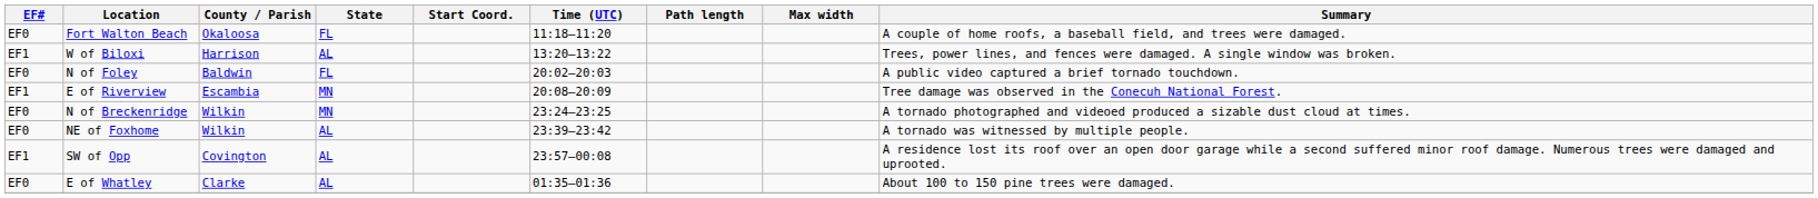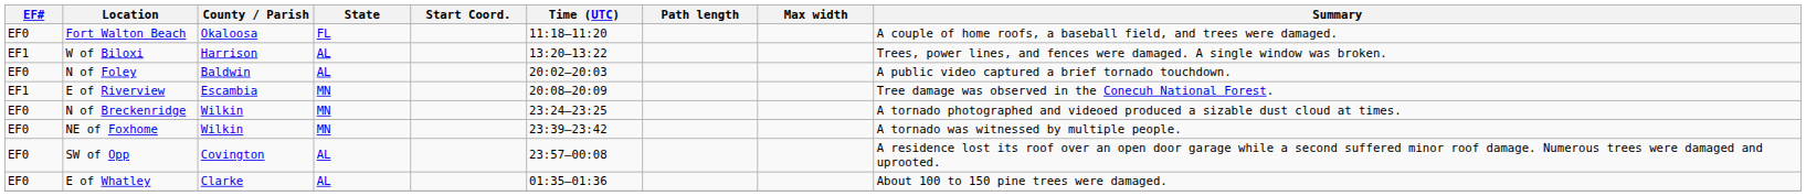 <table class="wikitable sortable" style="width:100%;">
 <tr>
 <th scope="col"  style="width:3%; text-align:center;"><a href='#'>EF#</a></th>
 <th scope="col"  style="width:7%; text-align:center;" class="unsortable">Location</th>
 <th scope="col"  style="width:6%; text-align:center;" class="unsortable">County / Parish</th>
 <th scope="col"  style="width:5%; text-align:center;">State</th>
 <th scope="col"  style="width:6%; text-align:center;">Start Coord.</th>
 <th scope="col"  style="width:6%; text-align:center;">Time (<a href='#'>UTC</a>)</th>
 <th scope="col"  style="width:6%; text-align:center;">Path length</th>
 <th scope="col"  style="width:6%; text-align:center;">Max width</th>
 <th scope="col" class="unsortable" style="width:48%; text-align:center;">Summary</th>
 </tr>
 <tr>
 <td>EF0</td>
 <td><a href='#'>Fort Walton Beach</a></td>
 <td><a href='#'>Okaloosa</a></td>
 <td><a href='#'>FL</a></td>
 <td></td>
 <td>11:18–11:20</td>
 <td></td>
 <td></td>
 <td>A couple of home roofs, a baseball field, and trees were damaged.</td>
 </tr>
 <tr>
 <td>EF1</td>
 <td>W of <a href='#'>Biloxi</a></td>
 <td><a href='#'>Harrison</a></td>
 <td><a href='#'>AL</a></td>
 <td></td>
 <td>13:20–13:22</td>
 <td></td>
 <td></td>
 <td>Trees, power lines, and fences were damaged. A single window was broken.</td>
 </tr>
 <tr>
 <td>EF0</td>
 <td>N of <a href='#'>Foley</a></td>
 <td><a href='#'>Baldwin</a></td>
-<td><a href='#'>FL</a></td>
+<td><a href='#'>AL</a></td>
 <td></td>
 <td>20:02–20:03</td>
 <td></td>
 <td></td>
 <td>A public video captured a brief tornado touchdown.</td>
 </tr>
 <tr>
 <td>EF1</td>
 <td>E of <a href='#'>Riverview</a></td>
 <td><a href='#'>Escambia</a></td>
 <td><a href='#'>MN</a></td>
 <td></td>
 <td>20:08–20:09</td>
 <td></td>
 <td></td>
 <td>Tree damage was observed in the <a href='#'>Conecuh National Forest</a>.</td>
 </tr>
 <tr>
 <td>EF0</td>
 <td>N of <a href='#'>Breckenridge</a></td>
 <td><a href='#'>Wilkin</a></td>
 <td><a href='#'>MN</a></td>
 <td></td>
 <td>23:24–23:25</td>
 <td></td>
 <td></td>
 <td>A tornado photographed and videoed produced a sizable dust cloud at times.</td>
 </tr>
 <tr>
 <td>EF0</td>
 <td>NE of <a href='#'>Foxhome</a></td>
 <td><a href='#'>Wilkin</a></td>
-<td><a href='#'>AL</a></td>
+<td><a href='#'>MN</a></td>
 <td></td>
 <td>23:39–23:42</td>
 <td></td>
 <td></td>
 <td>A tornado was witnessed by multiple people.</td>
 </tr>
 <tr>
-<td>EF1</td>
+<td>EF0</td>
 <td>SW of <a href='#'>Opp</a></td>
 <td><a href='#'>Covington</a></td>
 <td><a href='#'>AL</a></td>
 <td></td>
 <td>23:57–00:08</td>
 <td></td>
 <td></td>
 <td>A residence lost its roof over an open door garage while a second suffered minor roof damage. Numerous trees were damaged and uprooted.</td>
 </tr>
 <tr>
 <td>EF0</td>
 <td>E of <a href='#'>Whatley</a></td>
 <td><a href='#'>Clarke</a></td>
 <td><a href='#'>AL</a></td>
 <td></td>
 <td>01:35–01:36</td>
 <td></td>
 <td></td>
 <td>About 100 to 150 pine trees were damaged.</td>
 </tr>
 <tr>
 </tr>
 </table>
